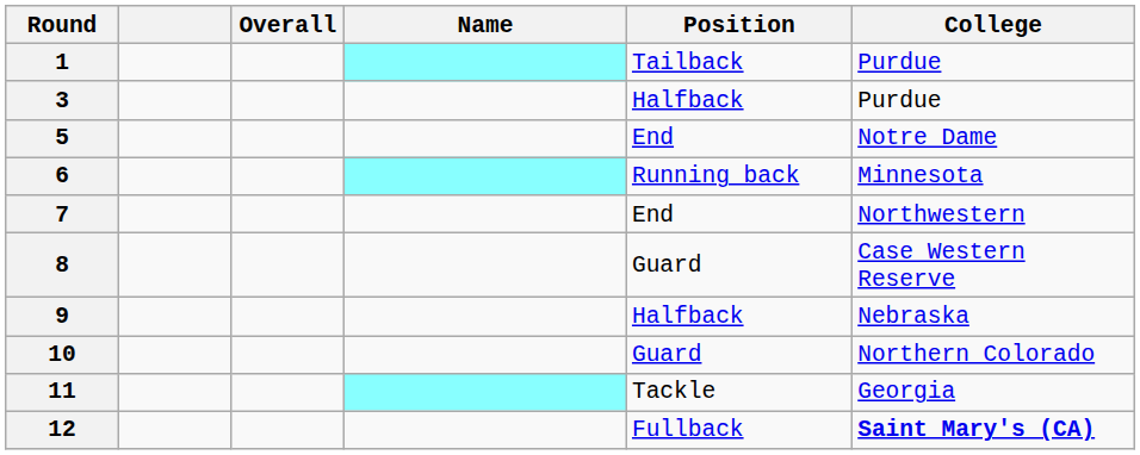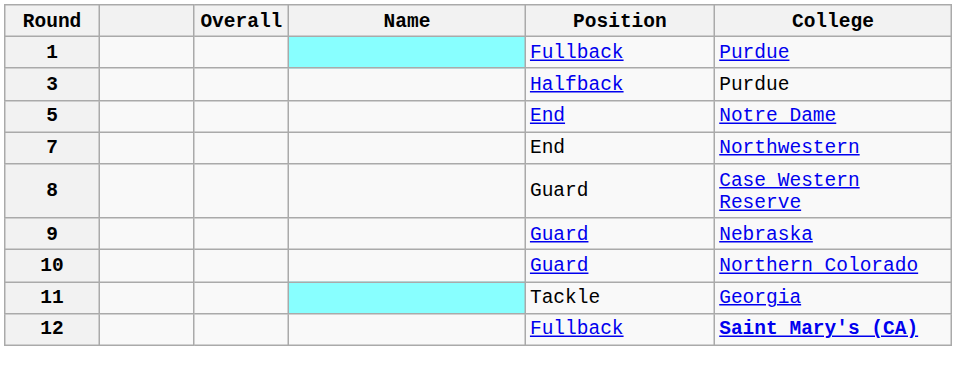 <table class="wikitable sortable" style="width: 50%;">
 <tr>
 <th scope="col" style="width: 10%;">Round</th>
 <th scope="col" style="width: 10%;"></th>
 <th scope="col" style="width: 10%;">Overall</th>
 <th scope="col" style="width: 25%;">Name</th>
 <th scope="col" style="width: 20%;">Position</th>
 <th scope="col" style="width: 25%;">College</th>
 </tr>
 <tr>
 <th scope="row">1</th>
 <td></td>
 <td></td>
 <td style="background:#88FFFF;"> <sup></sup></td>
-<td><a href='#'>Tailback</a></td>
+<td><a href='#'>Fullback</a></td>
 <td><a href='#'>Purdue</a></td>
 </tr>
 <tr>
 <th scope="row">3</th>
 <td></td>
 <td></td>
 <td></td>
 <td><a href='#'>Halfback</a></td>
 <td>Purdue</td>
 </tr>
 <tr>
 <th scope="row">5</th>
 <td></td>
 <td></td>
 <td></td>
 <td><a href='#'>End</a></td>
 <td><a href='#'>Notre Dame</a></td>
-</tr>
-<tr>
-<th scope="row">6</th>
-<td></td>
-<td></td>
-<td style="background:#88FFFF;"> <sup></sup></td>
-<td><a href='#'>Running back</a></td>
-<td><a href='#'>Minnesota</a></td>
 </tr>
 <tr>
 <th scope="row">7</th>
 <td></td>
 <td></td>
 <td></td>
 <td>End</td>
 <td><a href='#'>Northwestern</a></td>
 </tr>
 <tr>
 <th scope="row">8</th>
 <td></td>
 <td></td>
 <td></td>
 <td>Guard</td>
 <td><a href='#'>Case Western Reserve</a></td>
 </tr>
 <tr>
 <th scope="row">9</th>
 <td></td>
 <td></td>
 <td></td>
-<td><a href='#'>Halfback</a></td>
+<td><a href='#'>Guard</a></td>
 <td><a href='#'>Nebraska</a></td>
 </tr>
 <tr>
 <th scope="row">10</th>
 <td></td>
 <td></td>
 <td></td>
 <td><a href='#'>Guard</a></td>
 <td><a href='#'>Northern Colorado</a></td>
 </tr>
 <tr>
 <th scope="row">11</th>
 <td></td>
 <td></td>
 <td style="background:#88FFFF;"> <sup></sup></td>
 <td>Tackle</td>
 <td><a href='#'>Georgia</a></td>
 </tr>
 <tr>
 <th scope="row">12</th>
 <td></td>
 <td></td>
 <td></td>
 <td><a href='#'>Fullback</a></td>
 <td><strong><a href='#'>Saint Mary's (CA)</a></strong></td>
 </tr>
 </table>
